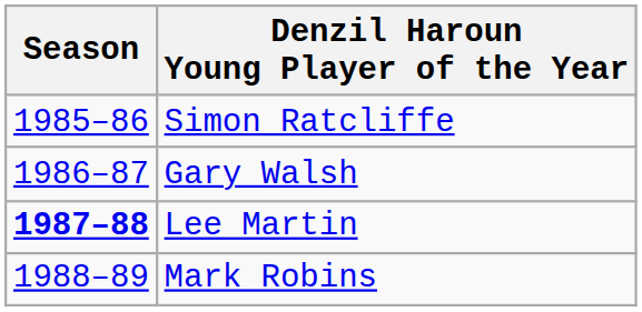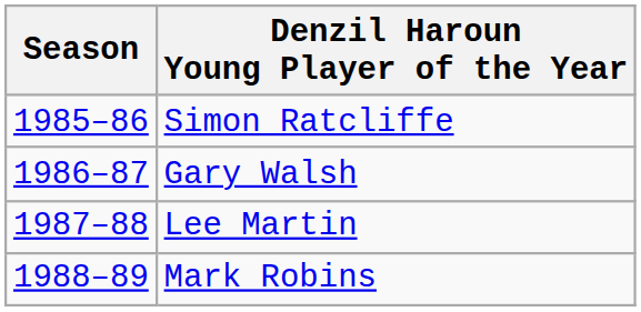 <table class="wikitable">
 <tr>
 <th>Season</th>
 <th>Denzil Haroun<br>Young Player of the Year</th>
 </tr>
 <tr>
 <td><a href='#'>1985–86</a></td>
 <td><a href='#'>Simon Ratcliffe</a></td>
 </tr>
 <tr>
 <td><a href='#'>1986–87</a></td>
 <td><a href='#'>Gary Walsh</a></td>
 </tr>
 <tr>
-<td><strong><a href='#'>1987–88</a></strong></td>
+<td><a href='#'>1987–88</a></td>
 <td><a href='#'>Lee Martin</a></td>
 </tr>
 <tr>
 <td><a href='#'>1988–89</a></td>
 <td><a href='#'>Mark Robins</a></td>
 </tr>
 </table>
